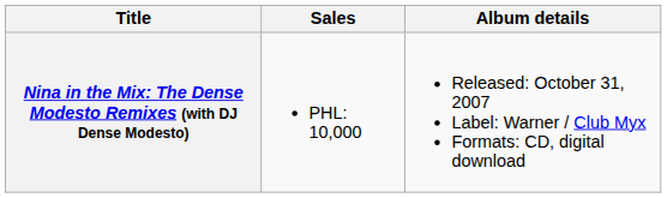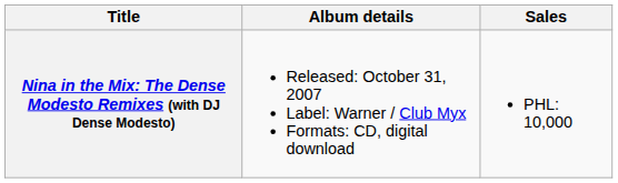 <table class="wikitable plainrowheaders" style="text-align:center;" border="1">
 <tr>
 <th scope="col" width="230">Title</th>
+<th scope="col" width="230">Album details</th>
 <th scope="col">Sales</th>
-<th scope="col" width="230">Album details</th>
 </tr>
 <tr>
 <th scope="row"><em><a href='#'>Nina in the Mix: The Dense Modesto Remixes</a></em> <small>(with DJ Dense Modesto)</small></th>
+<td align="left"><br><ul><li>Released: October 31, 2007</li><li>Label: Warner / <a href='#'>Club Myx</a></li><li>Formats: CD, digital download</li></ul></td>
 <td align="left"><br><ul><li>PHL: 10,000</li></ul></td>
-<td align="left"><br><ul><li>Released: October 31, 2007</li><li>Label: Warner / <a href='#'>Club Myx</a></li><li>Formats: CD, digital download</li></ul></td>
 </tr>
 </table>
